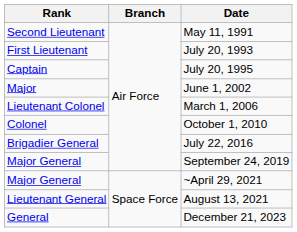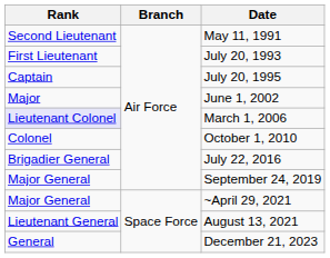 <table class="wikitable">
 <tr>
 <th>Rank</th>
 <th>Branch</th>
 <th>Date</th>
 </tr>
 <tr>
 <td> <a href='#'>Second Lieutenant</a></td>
 <td rowspan=8>Air Force</td>
 <td>May 11, 1991</td>
 </tr>
 <tr>
 <td> <a href='#'>First Lieutenant</a></td>
 <td>July 20, 1993</td>
 </tr>
 <tr>
 <td> <a href='#'>Captain</a></td>
 <td>July 20, 1995</td>
 </tr>
 <tr>
 <td> <a href='#'>Major</a></td>
 <td>June 1, 2002</td>
 </tr>
 <tr>
-<td> <a href='#'>Lieutenant Colonel</a></td>
+<td style="background: lavender;"> <a href='#'>Lieutenant Colonel</a></td>
 <td>March 1, 2006</td>
 </tr>
 <tr>
 <td> <a href='#'>Colonel</a></td>
 <td>October 1, 2010</td>
 </tr>
 <tr>
 <td> <a href='#'>Brigadier General</a></td>
 <td>July 22, 2016</td>
 </tr>
 <tr>
 <td> <a href='#'>Major General</a></td>
 <td>September 24, 2019</td>
 </tr>
 <tr>
 <td> <a href='#'>Major General</a></td>
 <td rowspan=3>Space Force</td>
 <td>~April 29, 2021</td>
 </tr>
 <tr>
 <td> <a href='#'>Lieutenant General</a></td>
 <td>August 13, 2021</td>
 </tr>
 <tr>
 <td> <a href='#'>General</a></td>
 <td>December 21, 2023</td>
 </tr>
 </table>
